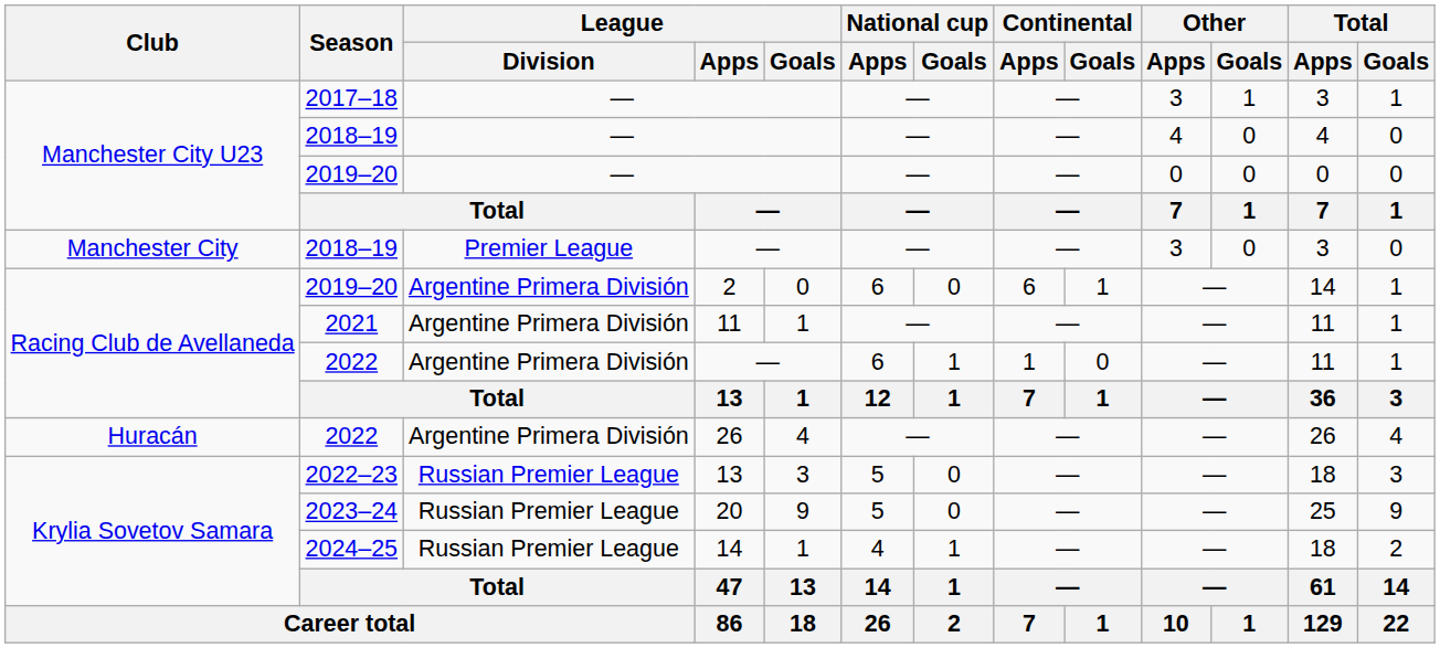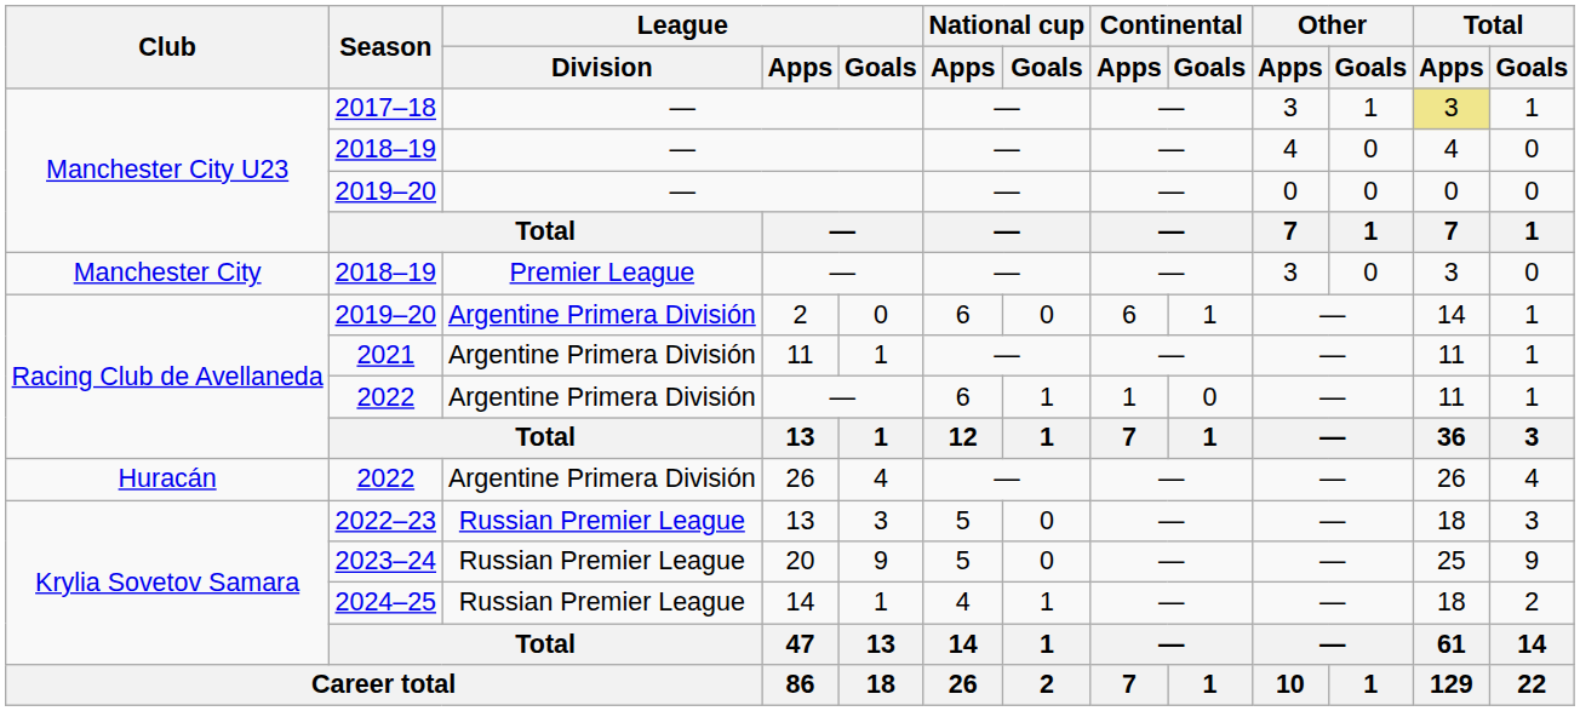 <table class="wikitable" style="text-align:center">
 <tr>
 <th rowspan="2">Club</th>
 <th rowspan="2">Season</th>
 <th colspan="3">League</th>
 <th colspan="2">National cup</th>
 <th colspan="2">Continental</th>
 <th colspan="2">Other</th>
 <th colspan="2">Total</th>
 </tr>
 <tr>
 <th>Division</th>
 <th>Apps</th>
 <th>Goals</th>
 <th>Apps</th>
 <th>Goals</th>
 <th>Apps</th>
 <th>Goals</th>
 <th>Apps</th>
 <th>Goals</th>
 <th>Apps</th>
 <th>Goals</th>
 </tr>
 <tr>
 <td rowspan="4"><a href='#'>Manchester City U23</a></td>
 <td><a href='#'>2017–18</a></td>
 <td colspan="3">—</td>
 <td colspan="2">—</td>
 <td colspan="2">—</td>
 <td>3</td>
 <td>1</td>
-<td>3</td>
+<td style="background: khaki;">3</td>
 <td>1</td>
 </tr>
 <tr>
 <td><a href='#'>2018–19</a></td>
 <td colspan="3">—</td>
 <td colspan="2">—</td>
 <td colspan="2">—</td>
 <td>4</td>
 <td>0</td>
 <td>4</td>
 <td>0</td>
 </tr>
 <tr>
 <td><a href='#'>2019–20</a></td>
 <td colspan="3">—</td>
 <td colspan="2">—</td>
 <td colspan="2">—</td>
 <td>0</td>
 <td>0</td>
 <td>0</td>
 <td>0</td>
 </tr>
 <tr>
 <th colspan="2">Total</th>
 <th colspan="2">—</th>
 <th colspan="2">—</th>
 <th colspan="2">—</th>
 <th>7</th>
 <th>1</th>
 <th>7</th>
 <th>1</th>
 </tr>
 <tr>
 <td><a href='#'>Manchester City</a></td>
 <td {{nowrap><a href='#'>2018–19</a></td>
 <td><a href='#'>Premier League</a></td>
 <td colspan="2">—</td>
 <td colspan="2">—</td>
 <td colspan="2">—</td>
 <td>3</td>
 <td>0</td>
 <td>3</td>
 <td>0</td>
 </tr>
 <tr>
 <td rowspan="4"><a href='#'>Racing Club de Avellaneda</a></td>
 <td><a href='#'>2019–20</a></td>
 <td><a href='#'>Argentine Primera División</a></td>
 <td>2</td>
 <td>0</td>
 <td>6</td>
 <td>0</td>
 <td>6</td>
 <td>1</td>
 <td colspan="2">—</td>
 <td>14</td>
 <td>1</td>
 </tr>
 <tr>
 <td><a href='#'>2021</a></td>
 <td>Argentine Primera División</td>
 <td>11</td>
 <td>1</td>
 <td colspan="2">—</td>
 <td colspan="2">—</td>
 <td colspan="2">—</td>
 <td>11</td>
 <td>1</td>
 </tr>
 <tr>
 <td><a href='#'>2022</a></td>
 <td>Argentine Primera División</td>
 <td colspan="2">—</td>
 <td>6</td>
 <td>1</td>
 <td>1</td>
 <td>0</td>
 <td colspan="2">—</td>
 <td>11</td>
 <td>1</td>
 </tr>
 <tr>
 <th colspan="2">Total</th>
 <th>13</th>
 <th>1</th>
 <th>12</th>
 <th>1</th>
 <th>7</th>
 <th>1</th>
 <th colspan="2">—</th>
 <th>36</th>
 <th>3</th>
 </tr>
 <tr>
 <td><a href='#'>Huracán</a></td>
 <td><a href='#'>2022</a></td>
 <td>Argentine Primera División</td>
 <td>26</td>
 <td>4</td>
 <td colspan="2">—</td>
 <td colspan="2">—</td>
 <td colspan="2">—</td>
 <td>26</td>
 <td>4</td>
 </tr>
 <tr>
 <td rowspan="4"><a href='#'>Krylia Sovetov Samara</a></td>
 <td><a href='#'>2022–23</a></td>
 <td><a href='#'>Russian Premier League</a></td>
 <td>13</td>
 <td>3</td>
 <td>5</td>
 <td>0</td>
 <td colspan="2">—</td>
 <td colspan="2">—</td>
 <td>18</td>
 <td>3</td>
 </tr>
 <tr>
 <td><a href='#'>2023–24</a></td>
 <td>Russian Premier League</td>
 <td>20</td>
 <td>9</td>
 <td>5</td>
 <td>0</td>
 <td colspan="2">—</td>
 <td colspan="2">—</td>
 <td>25</td>
 <td>9</td>
 </tr>
 <tr>
 <td><a href='#'>2024–25</a></td>
 <td>Russian Premier League</td>
 <td>14</td>
 <td>1</td>
 <td>4</td>
 <td>1</td>
 <td colspan="2">—</td>
 <td colspan="2">—</td>
 <td>18</td>
 <td>2</td>
 </tr>
 <tr>
 <th colspan="2">Total</th>
 <th>47</th>
 <th>13</th>
 <th>14</th>
 <th>1</th>
 <th colspan="2">—</th>
 <th colspan="2">—</th>
 <th>61</th>
 <th>14</th>
 </tr>
 <tr>
 <th colspan="3">Career total</th>
 <th>86</th>
 <th>18</th>
 <th>26</th>
 <th>2</th>
 <th>7</th>
 <th>1</th>
 <th>10</th>
 <th>1</th>
 <th>129</th>
 <th>22</th>
 </tr>
 </table>
